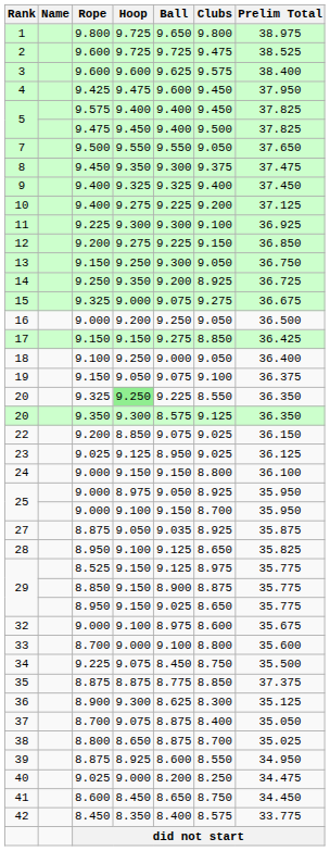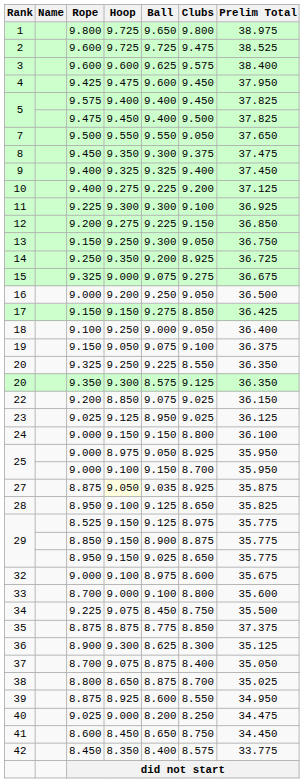 <table class="wikitable" style="text-align:center">
 <tr>
 <th>Rank</th>
 <th>Name</th>
 <th>Rope</th>
 <th>Hoop</th>
 <th>Ball</th>
 <th>Clubs</th>
 <th>Prelim Total</th>
 </tr>
 <tr bgcolor=ccffcc>
 <td>1</td>
 <td align=left></td>
 <td>9.800</td>
 <td>9.725</td>
 <td>9.650</td>
 <td>9.800</td>
 <td>38.975</td>
 </tr>
 <tr bgcolor=ccffcc>
 <td>2</td>
 <td align=left></td>
 <td>9.600</td>
 <td>9.725</td>
 <td>9.725</td>
 <td>9.475</td>
 <td>38.525</td>
 </tr>
 <tr bgcolor=ccffcc>
 <td>3</td>
 <td align=left></td>
 <td>9.600</td>
 <td>9.600</td>
 <td>9.625</td>
 <td>9.575</td>
 <td>38.400</td>
 </tr>
 <tr bgcolor=ccffcc>
 <td>4</td>
 <td align=left></td>
 <td>9.425</td>
 <td>9.475</td>
 <td>9.600</td>
 <td>9.450</td>
 <td>37.950</td>
 </tr>
 <tr bgcolor=ccffcc>
 <td rowspan=2>5</td>
 <td align=left></td>
 <td>9.575</td>
 <td>9.400</td>
 <td>9.400</td>
 <td>9.450</td>
 <td>37.825</td>
 </tr>
 <tr bgcolor=ccffcc>
 <td align=left></td>
 <td>9.475</td>
 <td>9.450</td>
 <td>9.400</td>
 <td>9.500</td>
 <td>37.825</td>
 </tr>
 <tr bgcolor=ccffcc>
 <td>7</td>
 <td align=left></td>
 <td>9.500</td>
 <td>9.550</td>
 <td>9.550</td>
 <td>9.050</td>
 <td>37.650</td>
 </tr>
 <tr bgcolor=ccffcc>
 <td>8</td>
 <td align=left></td>
 <td>9.450</td>
 <td>9.350</td>
 <td>9.300</td>
 <td>9.375</td>
 <td>37.475</td>
 </tr>
 <tr bgcolor=ccffcc>
 <td>9</td>
 <td align=left></td>
 <td>9.400</td>
 <td>9.325</td>
 <td>9.325</td>
 <td>9.400</td>
 <td>37.450</td>
 </tr>
 <tr bgcolor=ccffcc>
 <td>10</td>
 <td align=left></td>
 <td>9.400</td>
 <td>9.275</td>
 <td>9.225</td>
 <td>9.200</td>
 <td>37.125</td>
 </tr>
 <tr bgcolor=ccffcc>
 <td>11</td>
 <td align=left></td>
 <td>9.225</td>
 <td>9.300</td>
 <td>9.300</td>
 <td>9.100</td>
 <td>36.925</td>
 </tr>
 <tr bgcolor=ccffcc>
 <td>12</td>
 <td align=left></td>
 <td>9.200</td>
 <td>9.275</td>
 <td>9.225</td>
 <td>9.150</td>
 <td>36.850</td>
 </tr>
 <tr bgcolor=ccffcc>
 <td>13</td>
 <td align=left></td>
 <td>9.150</td>
 <td>9.250</td>
 <td>9.300</td>
 <td>9.050</td>
 <td>36.750</td>
 </tr>
 <tr bgcolor=ccffcc>
 <td>14</td>
 <td align=left></td>
 <td>9.250</td>
 <td>9.350</td>
 <td>9.200</td>
 <td>8.925</td>
 <td>36.725</td>
 </tr>
 <tr bgcolor=ccffcc>
 <td>15</td>
 <td align=left></td>
 <td>9.325</td>
 <td>9.000</td>
 <td>9.075</td>
 <td>9.275</td>
 <td>36.675</td>
 </tr>
 <tr>
 <td>16</td>
 <td align=left></td>
 <td>9.000</td>
 <td>9.200</td>
 <td>9.250</td>
 <td>9.050</td>
 <td>36.500</td>
 </tr>
 <tr bgcolor=ccffcc>
 <td>17</td>
 <td align=left></td>
 <td>9.150</td>
 <td>9.150</td>
 <td>9.275</td>
 <td>8.850</td>
 <td>36.425</td>
 </tr>
 <tr>
 <td>18</td>
 <td align=left></td>
 <td>9.100</td>
 <td>9.250</td>
 <td>9.000</td>
 <td>9.050</td>
 <td>36.400</td>
 </tr>
 <tr>
 <td>19</td>
 <td align=left></td>
 <td>9.150</td>
 <td>9.050</td>
 <td>9.075</td>
 <td>9.100</td>
 <td>36.375</td>
 </tr>
 <tr>
 <td>20</td>
 <td align=left></td>
 <td>9.325</td>
-<td style="background: lightgreen;">9.250</td>
+<td>9.250</td>
 <td>9.225</td>
 <td>8.550</td>
 <td>36.350</td>
 </tr>
 <tr bgcolor=ccffcc>
 <td>20</td>
 <td align=left></td>
 <td>9.350</td>
 <td>9.300</td>
 <td>8.575</td>
 <td>9.125</td>
 <td>36.350</td>
 </tr>
 <tr>
 <td>22</td>
 <td align=left></td>
 <td>9.200</td>
 <td>8.850</td>
 <td>9.075</td>
 <td>9.025</td>
 <td>36.150</td>
 </tr>
 <tr>
 <td>23</td>
 <td align=left></td>
 <td>9.025</td>
 <td>9.125</td>
 <td>8.950</td>
 <td>9.025</td>
 <td>36.125</td>
 </tr>
 <tr>
 <td>24</td>
 <td align=left></td>
 <td>9.000</td>
 <td>9.150</td>
 <td>9.150</td>
 <td>8.800</td>
 <td>36.100</td>
 </tr>
 <tr>
 <td rowspan=2>25</td>
 <td align=left></td>
 <td>9.000</td>
 <td>8.975</td>
 <td>9.050</td>
 <td>8.925</td>
 <td>35.950</td>
 </tr>
 <tr>
 <td align=left></td>
 <td>9.000</td>
 <td>9.100</td>
 <td>9.150</td>
 <td>8.700</td>
 <td>35.950</td>
 </tr>
 <tr>
 <td>27</td>
 <td align=left></td>
 <td>8.875</td>
-<td>9.050</td>
+<td style="background: lightyellow;">9.050</td>
 <td>9.035</td>
 <td>8.925</td>
 <td>35.875</td>
 </tr>
 <tr>
 <td>28</td>
 <td align=left></td>
 <td>8.950</td>
 <td>9.100</td>
 <td>9.125</td>
 <td>8.650</td>
 <td>35.825</td>
 </tr>
 <tr>
 <td rowspan=3>29</td>
 <td align=left></td>
 <td>8.525</td>
 <td>9.150</td>
 <td>9.125</td>
 <td>8.975</td>
 <td>35.775</td>
 </tr>
 <tr>
 <td align=left></td>
 <td>8.850</td>
 <td>9.150</td>
 <td>8.900</td>
 <td>8.875</td>
 <td>35.775</td>
 </tr>
 <tr>
 <td align=left></td>
 <td>8.950</td>
 <td>9.150</td>
 <td>9.025</td>
 <td>8.650</td>
 <td>35.775</td>
 </tr>
 <tr>
 <td>32</td>
 <td align=left></td>
 <td>9.000</td>
 <td>9.100</td>
 <td>8.975</td>
 <td>8.600</td>
 <td>35.675</td>
 </tr>
 <tr>
 <td>33</td>
 <td align=left></td>
 <td>8.700</td>
 <td>9.000</td>
 <td>9.100</td>
 <td>8.800</td>
 <td>35.600</td>
 </tr>
 <tr>
 <td>34</td>
 <td align=left></td>
 <td>9.225</td>
 <td>9.075</td>
 <td>8.450</td>
 <td>8.750</td>
 <td>35.500</td>
 </tr>
 <tr>
 <td>35</td>
 <td align=left></td>
 <td>8.875</td>
 <td>8.875</td>
 <td>8.775</td>
 <td>8.850</td>
 <td>37.375</td>
 </tr>
 <tr>
 <td>36</td>
 <td align=left></td>
 <td>8.900</td>
 <td>9.300</td>
 <td>8.625</td>
 <td>8.300</td>
 <td>35.125</td>
 </tr>
 <tr>
 <td>37</td>
 <td align=left></td>
 <td>8.700</td>
 <td>9.075</td>
 <td>8.875</td>
 <td>8.400</td>
 <td>35.050</td>
 </tr>
 <tr>
 <td>38</td>
 <td align=left></td>
 <td>8.800</td>
 <td>8.650</td>
 <td>8.875</td>
 <td>8.700</td>
 <td>35.025</td>
 </tr>
 <tr>
 <td>39</td>
 <td align=left></td>
 <td>8.875</td>
 <td>8.925</td>
 <td>8.600</td>
 <td>8.550</td>
 <td>34.950</td>
 </tr>
 <tr>
 <td>40</td>
 <td align=left></td>
 <td>9.025</td>
 <td>9.000</td>
 <td>8.200</td>
 <td>8.250</td>
 <td>34.475</td>
 </tr>
 <tr>
 <td>41</td>
 <td align=left></td>
 <td>8.600</td>
 <td>8.450</td>
 <td>8.650</td>
 <td>8.750</td>
 <td>34.450</td>
 </tr>
 <tr>
 <td>42</td>
 <td align=left></td>
 <td>8.450</td>
 <td>8.350</td>
 <td>8.400</td>
 <td>8.575</td>
 <td>33.775</td>
 </tr>
 <tr>
 <td></td>
 <td align=left></td>
 <th colspan=5>did not start</th>
 </tr>
 </table>
